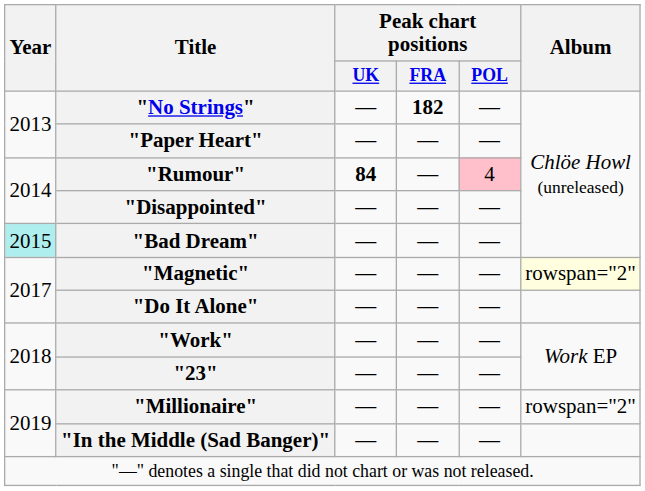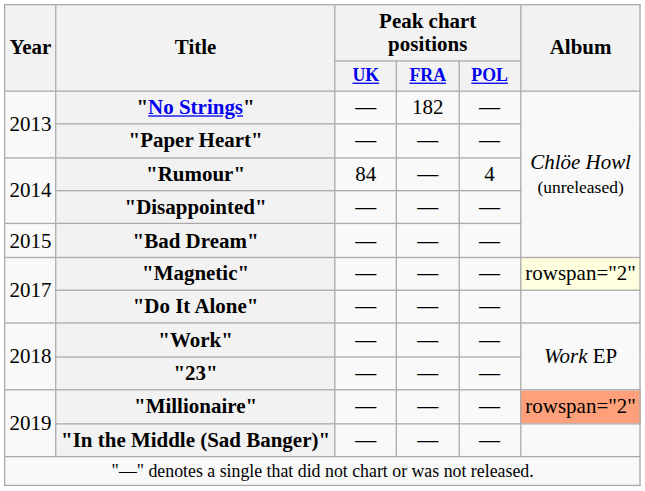 <table class="wikitable plainrowheaders" style="text-align:center;">
 <tr>
 <th scope="col" rowspan="2">Year</th>
 <th scope="col" rowspan="2">Title</th>
 <th scope="col" colspan="3">Peak chart positions</th>
 <th scope="col" rowspan="2">Album</th>
 </tr>
 <tr>
 <th scope="col" style="width:3em;font-size:85%;"><a href='#'>UK</a><br></th>
 <th scope="col" style="width:3em;font-size:85%;"><a href='#'>FRA</a><br></th>
 <th scope="col" style="width:3em;font-size:85%;"><a href='#'>POL</a><br></th>
 </tr>
 <tr>
 <td rowspan="2">2013</td>
 <th scope="row">"<a href='#'>No Strings</a>"</th>
 <td>—</td>
-<td><strong>182</strong></td>
+<td>182</td>
 <td>—</td>
 <td rowspan="5"><em>Chlöe Howl</em><br><small>(unreleased)</small></td>
 </tr>
 <tr>
 <th scope="row">"Paper Heart"</th>
 <td>—</td>
 <td>—</td>
 <td>—</td>
 </tr>
 <tr>
 <td rowspan="2">2014</td>
 <th scope="row">"Rumour"</th>
-<td><strong>84</strong></td>
+<td>84</td>
 <td>—</td>
-<td style="background: pink;">4</td>
+<td>4</td>
 </tr>
 <tr>
 <th scope="row">"Disappointed"</th>
 <td>—</td>
 <td>—</td>
 <td>—</td>
 </tr>
 <tr>
-<td style="background: paleturquoise;">2015</td>
+<td>2015</td>
 <th scope="row">"Bad Dream"</th>
 <td>—</td>
 <td>—</td>
 <td>—</td>
 </tr>
 <tr>
 <td rowspan="2">2017</td>
 <th scope="row">"Magnetic"</th>
 <td>—</td>
 <td>—</td>
 <td>—</td>
 <td style="background: lightyellow;">rowspan="2" </td>
 </tr>
 <tr>
 <th scope="row">"Do It Alone"</th>
 <td>—</td>
 <td>—</td>
 <td>—</td>
 </tr>
 <tr>
 <td rowspan="2">2018</td>
 <th scope="row">"Work"</th>
 <td>—</td>
 <td>—</td>
 <td>—</td>
 <td rowspan="2"><em>Work</em> EP</td>
 </tr>
 <tr>
 <th scope="row">"23"</th>
 <td>—</td>
 <td>—</td>
 <td>—</td>
 </tr>
 <tr>
 <td rowspan="2">2019</td>
 <th scope="row">"Millionaire"</th>
 <td>—</td>
 <td>—</td>
 <td>—</td>
-<td>rowspan="2" </td>
+<td style="background: lightsalmon;">rowspan="2" </td>
 </tr>
 <tr>
 <th scope="row">"In the Middle (Sad Banger)"</th>
 <td>—</td>
 <td>—</td>
 <td>—</td>
 </tr>
 <tr>
 <td colspan="6" style="font-size:85%">"—" denotes a single that did not chart or was not released.</td>
 </tr>
 </table>
